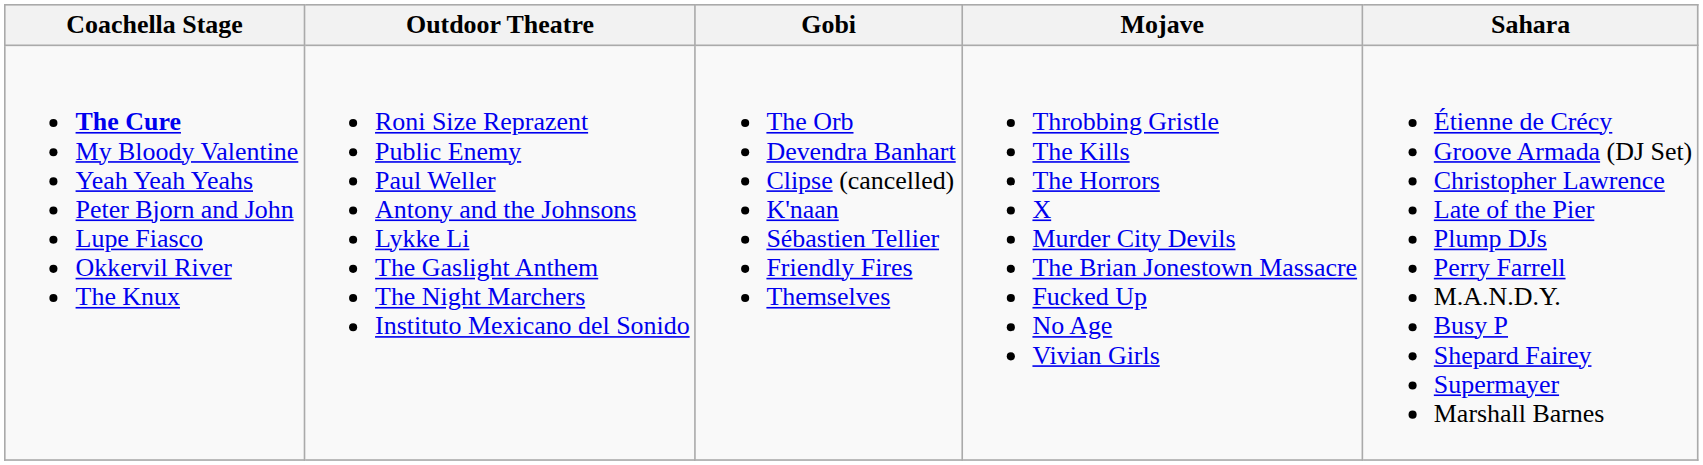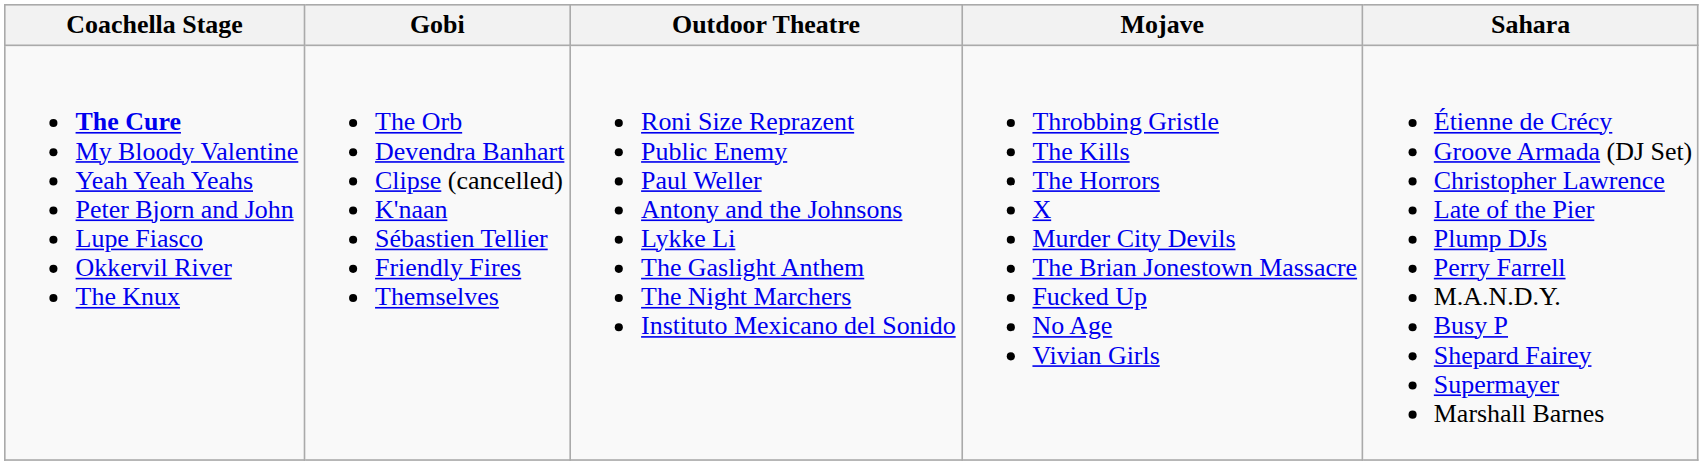 <table class="wikitable">
 <tr>
 <th>Coachella Stage</th>
+<th>Gobi</th>
 <th>Outdoor Theatre</th>
-<th>Gobi</th>
 <th>Mojave</th>
 <th>Sahara</th>
 </tr>
 <tr valign="top">
 <td><br><ul><li><strong><a href='#'>The Cure</a></strong></li><li><a href='#'>My Bloody Valentine</a></li><li><a href='#'>Yeah Yeah Yeahs</a></li><li><a href='#'>Peter Bjorn and John</a></li><li><a href='#'>Lupe Fiasco</a></li><li><a href='#'>Okkervil River</a></li><li><a href='#'>The Knux</a></li></ul></td>
+<td><br><ul><li><a href='#'>The Orb</a></li><li><a href='#'>Devendra Banhart</a></li><li><a href='#'>Clipse</a> (cancelled)</li><li><a href='#'>K'naan</a></li><li><a href='#'>Sébastien Tellier</a></li><li><a href='#'>Friendly Fires</a></li><li><a href='#'>Themselves</a></li></ul></td>
 <td><br><ul><li><a href='#'>Roni Size Reprazent</a></li><li><a href='#'>Public Enemy</a></li><li><a href='#'>Paul Weller</a></li><li><a href='#'>Antony and the Johnsons</a></li><li><a href='#'>Lykke Li</a></li><li><a href='#'>The Gaslight Anthem</a></li><li><a href='#'>The Night Marchers</a></li><li><a href='#'>Instituto Mexicano del Sonido</a></li></ul></td>
-<td><br><ul><li><a href='#'>The Orb</a></li><li><a href='#'>Devendra Banhart</a></li><li><a href='#'>Clipse</a> (cancelled)</li><li><a href='#'>K'naan</a></li><li><a href='#'>Sébastien Tellier</a></li><li><a href='#'>Friendly Fires</a></li><li><a href='#'>Themselves</a></li></ul></td>
 <td><br><ul><li><a href='#'>Throbbing Gristle</a></li><li><a href='#'>The Kills</a></li><li><a href='#'>The Horrors</a></li><li><a href='#'>X</a></li><li><a href='#'>Murder City Devils</a></li><li><a href='#'>The Brian Jonestown Massacre</a></li><li><a href='#'>Fucked Up</a></li><li><a href='#'>No Age</a></li><li><a href='#'>Vivian Girls</a></li></ul></td>
 <td><br><ul><li><a href='#'>Étienne de Crécy</a></li><li><a href='#'>Groove Armada</a> (DJ Set)</li><li><a href='#'>Christopher Lawrence</a></li><li><a href='#'>Late of the Pier</a></li><li><a href='#'>Plump DJs</a></li><li><a href='#'>Perry Farrell</a></li><li>M.A.N.D.Y.</li><li><a href='#'>Busy P</a></li><li><a href='#'>Shepard Fairey</a></li><li><a href='#'>Supermayer</a></li><li>Marshall Barnes</li></ul></td>
 </tr>
 </table>
